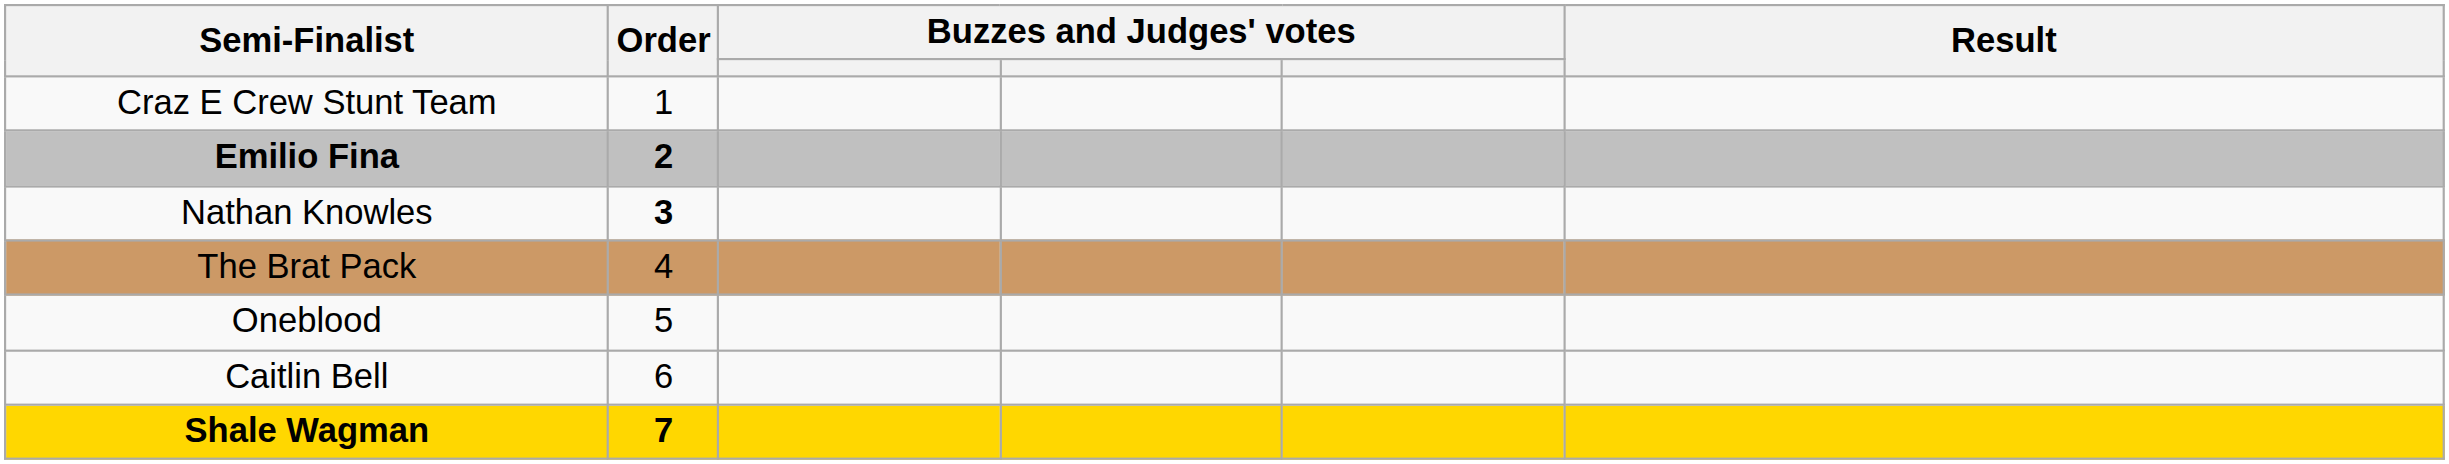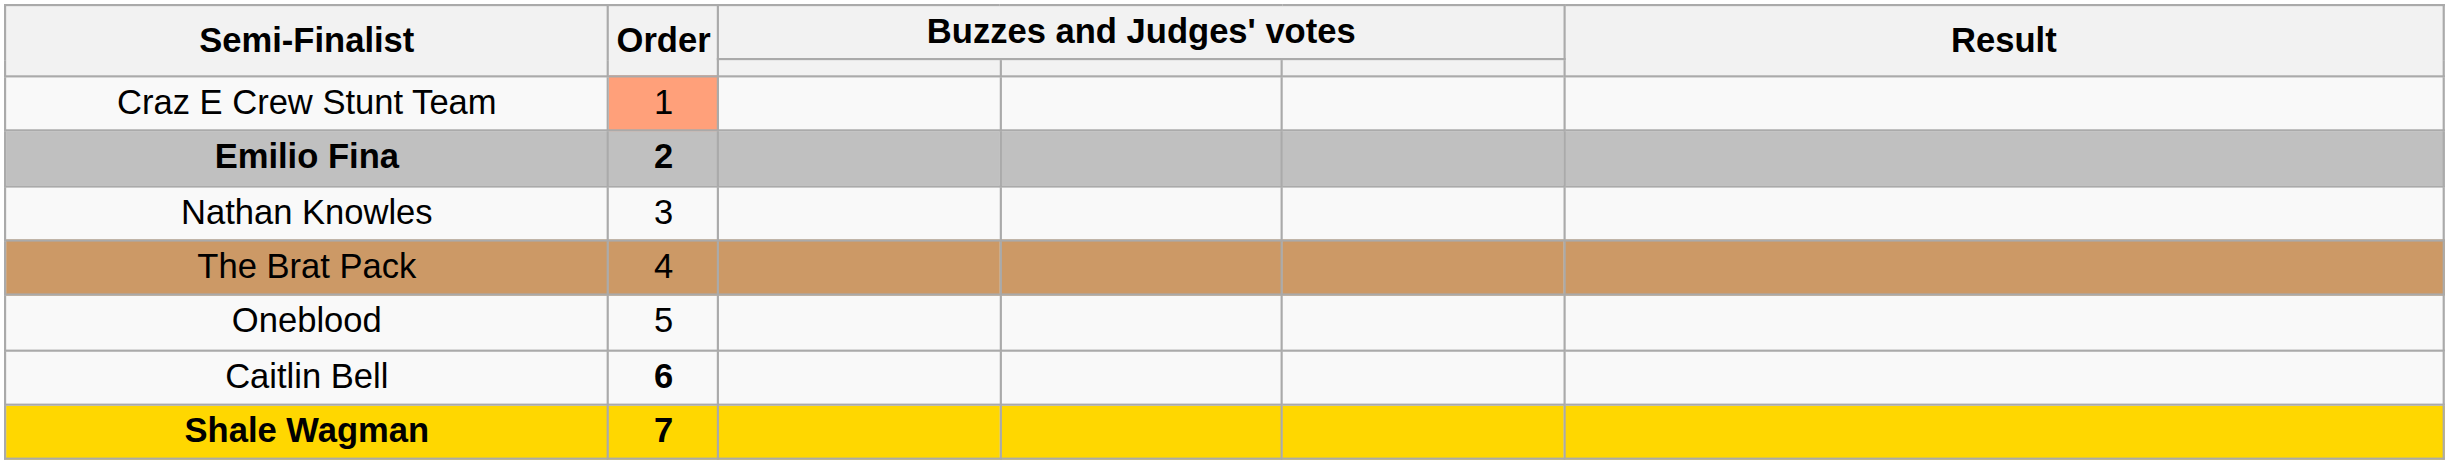 <table class="wikitable plainrowheaders sortable" style="text-align:center;">
 <tr>
 <th scope="col" rowspan="2" class="unsortable" style="width:17em;">Semi-Finalist</th>
 <th scope="col" rowspan="2" style="width:1em;">Order</th>
 <th scope="col" colspan="3" class="unsortable" style="width:24em;">Buzzes and Judges' votes</th>
 <th scope="col" rowspan="2" style="width:25em;">Result</th>
 </tr>
 <tr>
 <th scope="col" class="unsortable" style="width:6em;"></th>
 <th scope="col" class="unsortable" style="width:6em;"></th>
 <th scope="col" class="unsortable" style="width:6em;"></th>
 </tr>
 <tr>
 <td>Craz E Crew Stunt Team</td>
-<td>1</td>
+<td style="background: lightsalmon;">1</td>
 <td style="text-align:center"></td>
 <td style="text-align:center"></td>
 <td style="text-align:center"></td>
 <td></td>
 </tr>
 <tr style="background:silver;">
 <td><strong>Emilio Fina</strong></td>
 <td><strong>2</strong></td>
 <td style="text-align:center"></td>
 <td style="text-align:center"></td>
 <td style="text-align:center"></td>
 <td><strong></strong></td>
 </tr>
 <tr>
 <td>Nathan Knowles</td>
-<td><strong>3</strong></td>
+<td>3</td>
 <td style="text-align:center"></td>
 <td style="text-align:center"></td>
 <td style="text-align:center"></td>
 <td></td>
 </tr>
 <tr style="background:#c96;">
 <td>The Brat Pack</td>
 <td>4</td>
 <td style="text-align:center"></td>
 <td style="text-align:center"></td>
 <td style="text-align:center"></td>
 <td></td>
 </tr>
 <tr>
 <td>Oneblood</td>
 <td>5</td>
 <td style="text-align:center"></td>
 <td style="text-align:center"></td>
 <td style="text-align:center"></td>
 <td></td>
 </tr>
 <tr>
 <td>Caitlin Bell</td>
-<td>6</td>
+<td><strong>6</strong></td>
 <td style="text-align:center"></td>
 <td style="text-align:center"></td>
 <td style="text-align:center"></td>
 <td></td>
 </tr>
 <tr style="background:gold;">
 <td><strong>Shale Wagman</strong></td>
 <td><strong>7</strong></td>
 <td style="text-align:center"></td>
 <td style="text-align:center"></td>
 <td style="text-align:center"></td>
 <td><strong></strong></td>
 </tr>
 </table>
